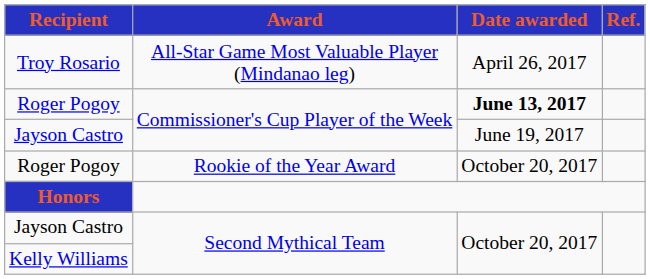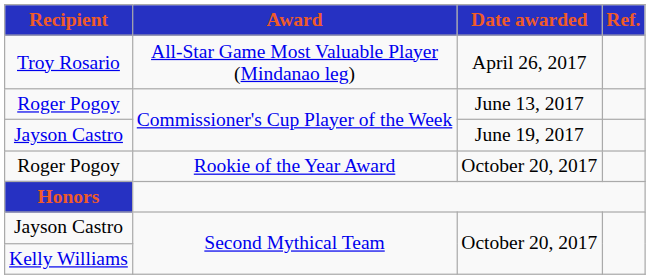 <table class="wikitable sortable sortable" style="text-align: center">
 <tr>
 <th style="background:#2631C2; color:#F05B28; ">Recipient</th>
 <th style="background:#2631C2; color:#F05B28; ">Award</th>
 <th style="background:#2631C2; color:#F05B28; ">Date awarded</th>
 <th style="background:#2631C2; color:#F05B28; ">Ref.</th>
 </tr>
 <tr>
 <td><a href='#'>Troy Rosario</a></td>
 <td><a href='#'>All-Star Game Most Valuable Player</a><br>(<a href='#'>Mindanao leg</a>)</td>
 <td>April 26, 2017</td>
 <td align=center></td>
 </tr>
 <tr>
 <td><a href='#'>Roger Pogoy</a></td>
 <td rowspan=2><a href='#'>Commissioner's Cup Player of the Week</a></td>
-<td><strong>June 13, 2017</strong></td>
+<td>June 13, 2017</td>
 <td></td>
 </tr>
 <tr>
 <td><a href='#'>Jayson Castro</a></td>
 <td>June 19, 2017</td>
 <td></td>
 </tr>
 <tr>
 <td>Roger Pogoy</td>
 <td><a href='#'>Rookie of the Year Award</a></td>
 <td>October 20, 2017</td>
 <td></td>
 </tr>
 <tr>
 <th style="background:#2631C2; color:#F05B28; ">Honors</th>
 </tr>
 <tr>
 <td>Jayson Castro</td>
 <td rowspan=2><a href='#'>Second Mythical Team</a></td>
 <td rowspan=2>October 20, 2017</td>
 <td rowspan=2></td>
 </tr>
 <tr>
 <td><a href='#'>Kelly Williams</a></td>
 </tr>
 </table>
